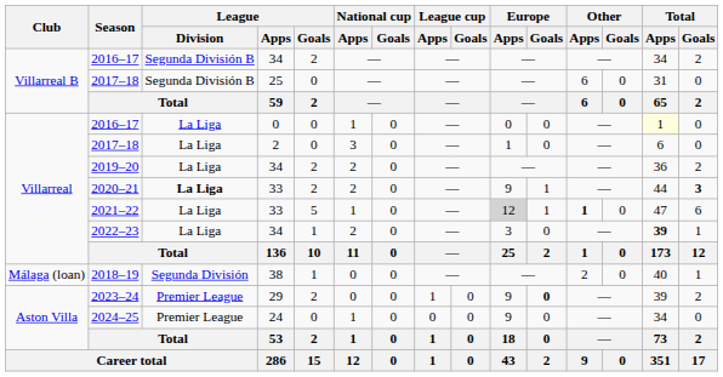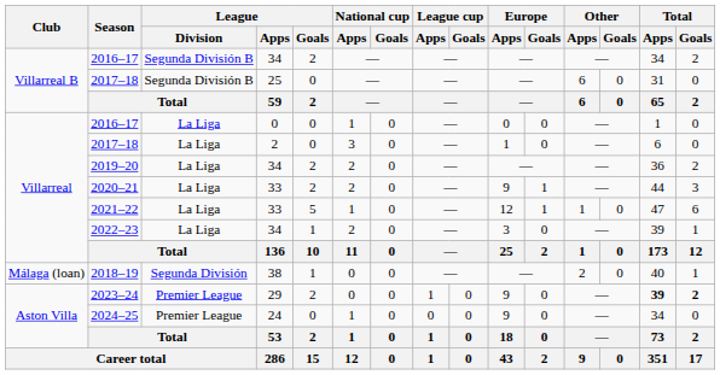 <table class="wikitable" style="text-align:center">
 <tr>
 <th rowspan="2">Club</th>
 <th rowspan="2">Season</th>
 <th colspan="3">League</th>
 <th colspan="2">National cup</th>
 <th colspan="2">League cup</th>
 <th colspan="2">Europe</th>
 <th colspan="2">Other</th>
 <th colspan="2">Total</th>
 </tr>
 <tr>
 <th>Division</th>
 <th>Apps</th>
 <th>Goals</th>
 <th>Apps</th>
 <th>Goals</th>
 <th>Apps</th>
 <th>Goals</th>
 <th>Apps</th>
 <th>Goals</th>
 <th>Apps</th>
 <th>Goals</th>
 <th>Apps</th>
 <th>Goals</th>
 </tr>
 <tr>
 <td rowspan="3"><a href='#'>Villarreal B</a></td>
 <td><a href='#'>2016–17</a></td>
 <td><a href='#'>Segunda División B</a></td>
 <td>34</td>
 <td>2</td>
 <td colspan="2">—</td>
 <td colspan="2">—</td>
 <td colspan="2">—</td>
 <td colspan="2">—</td>
 <td>34</td>
 <td>2</td>
 </tr>
 <tr>
 <td><a href='#'>2017–18</a></td>
 <td>Segunda División B</td>
 <td>25</td>
 <td>0</td>
 <td colspan="2">—</td>
 <td colspan="2">—</td>
 <td colspan="2">—</td>
 <td>6</td>
 <td>0</td>
 <td>31</td>
 <td>0</td>
 </tr>
 <tr>
 <th colspan="2">Total</th>
 <th>59</th>
 <th>2</th>
 <th colspan="2">—</th>
 <th colspan="2">—</th>
 <th colspan="2">—</th>
 <th>6</th>
 <th>0</th>
 <th>65</th>
 <th>2</th>
 </tr>
 <tr>
 <td rowspan="7"><a href='#'>Villarreal</a></td>
 <td><a href='#'>2016–17</a></td>
 <td><a href='#'>La Liga</a></td>
 <td>0</td>
 <td>0</td>
 <td>1</td>
 <td>0</td>
 <td colspan="2">—</td>
 <td>0</td>
 <td>0</td>
 <td colspan="2">—</td>
-<td style="background: lightyellow;">1</td>
+<td>1</td>
 <td>0</td>
 </tr>
 <tr>
 <td><a href='#'>2017–18</a></td>
 <td>La Liga</td>
 <td>2</td>
 <td>0</td>
 <td>3</td>
 <td>0</td>
 <td colspan="2">—</td>
 <td>1</td>
 <td>0</td>
 <td colspan="2">—</td>
 <td>6</td>
 <td>0</td>
 </tr>
 <tr>
 <td><a href='#'>2019–20</a></td>
 <td>La Liga</td>
 <td>34</td>
 <td>2</td>
 <td>2</td>
 <td>0</td>
 <td colspan="2">—</td>
 <td colspan="2">—</td>
 <td colspan="2">—</td>
 <td>36</td>
 <td>2</td>
 </tr>
 <tr>
 <td><a href='#'>2020–21</a></td>
-<td><strong>La Liga</strong></td>
+<td>La Liga</td>
 <td>33</td>
 <td>2</td>
 <td>2</td>
 <td>0</td>
 <td colspan="2">—</td>
 <td>9</td>
 <td>1</td>
 <td colspan="2">—</td>
 <td>44</td>
-<td><strong>3</strong></td>
+<td>3</td>
 </tr>
 <tr>
 <td><a href='#'>2021–22</a></td>
 <td>La Liga</td>
 <td>33</td>
 <td>5</td>
 <td>1</td>
 <td>0</td>
 <td colspan="2">—</td>
-<td style="background: lightgrey;">12</td>
+<td>12</td>
 <td>1</td>
-<td><strong>1</strong></td>
+<td>1</td>
 <td>0</td>
 <td>47</td>
 <td>6</td>
 </tr>
 <tr>
 <td><a href='#'>2022–23</a></td>
 <td>La Liga</td>
 <td>34</td>
 <td>1</td>
 <td>2</td>
 <td>0</td>
 <td colspan="2">—</td>
 <td>3</td>
 <td>0</td>
 <td colspan="2">—</td>
-<td><strong>39</strong></td>
+<td>39</td>
 <td>1</td>
 </tr>
 <tr>
 <th colspan="2">Total</th>
 <th>136</th>
 <th>10</th>
 <th>11</th>
 <th>0</th>
 <th colspan="2">—</th>
 <th>25</th>
 <th>2</th>
 <th>1</th>
 <th>0</th>
 <th>173</th>
 <th>12</th>
 </tr>
 <tr>
 <td><a href='#'>Málaga</a> (loan)</td>
 <td><a href='#'>2018–19</a></td>
 <td><a href='#'>Segunda División</a></td>
 <td>38</td>
 <td>1</td>
 <td>0</td>
 <td>0</td>
 <td colspan="2">—</td>
 <td colspan="2">—</td>
 <td>2</td>
 <td>0</td>
 <td>40</td>
 <td>1</td>
 </tr>
 <tr>
 <td rowspan="3"><a href='#'>Aston Villa</a></td>
 <td><a href='#'>2023–24</a></td>
 <td><a href='#'>Premier League</a></td>
 <td>29</td>
 <td>2</td>
 <td>0</td>
 <td>0</td>
 <td>1</td>
 <td>0</td>
 <td>9</td>
-<td><strong>0</strong></td>
+<td>0</td>
 <td colspan="2">—</td>
-<td>39</td>
-<td>2</td>
+<td><strong>39</strong></td>
+<td><strong>2</strong></td>
 </tr>
 <tr>
 <td><a href='#'>2024–25</a></td>
 <td>Premier League</td>
 <td>24</td>
 <td>0</td>
 <td>1</td>
 <td>0</td>
 <td>0</td>
 <td>0</td>
 <td>9</td>
 <td>0</td>
 <td colspan="2">—</td>
 <td>34</td>
 <td>0</td>
 </tr>
 <tr>
 <th colspan="2">Total</th>
 <th>53</th>
 <th>2</th>
 <th>1</th>
 <th>0</th>
 <th>1</th>
 <th>0</th>
 <th>18</th>
 <th>0</th>
 <th colspan="2">—</th>
 <th>73</th>
 <th>2</th>
 </tr>
 <tr>
 <th colspan="3">Career total</th>
 <th>286</th>
 <th>15</th>
 <th>12</th>
 <th>0</th>
 <th>1</th>
 <th>0</th>
 <th>43</th>
 <th>2</th>
 <th>9</th>
 <th>0</th>
 <th>351</th>
 <th>17</th>
 </tr>
 </table>
